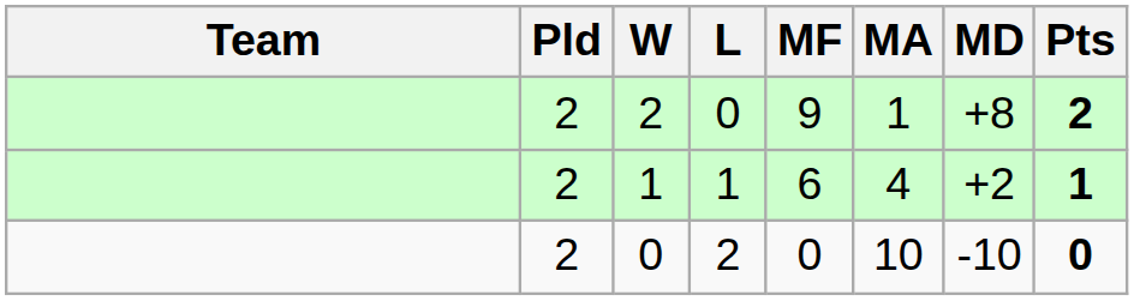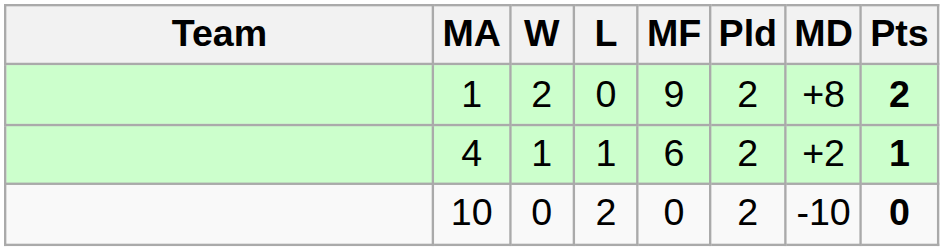 <table class=wikitable style="text-align:center">
 <tr>
 <th width=175>Team</th>
-<th width=20>Pld</th>
+<th width=20>MA</th>
 <th width=20>W</th>
 <th width=20>L</th>
 <th width=20>MF</th>
-<th width=20>MA</th>
+<th width=20>Pld</th>
 <th width=20>MD</th>
 <th width=20>Pts</th>
 </tr>
 <tr bgcolor=ccffcc>
 <td align=left></td>
-<td>2</td>
+<td>1</td>
 <td>2</td>
 <td>0</td>
 <td>9</td>
-<td>1</td>
+<td>2</td>
 <td>+8</td>
 <td><strong>2</strong></td>
 </tr>
 <tr bgcolor=ccffcc>
 <td align=left></td>
-<td>2</td>
+<td>4</td>
 <td>1</td>
 <td>1</td>
 <td>6</td>
-<td>4</td>
+<td>2</td>
 <td>+2</td>
 <td><strong>1</strong></td>
 </tr>
 <tr>
 <td align=left></td>
+<td>10</td>
+<td>0</td>
 <td>2</td>
 <td>0</td>
 <td>2</td>
-<td>0</td>
-<td>10</td>
 <td>-10</td>
 <td><strong>0</strong></td>
 </tr>
 </table>
